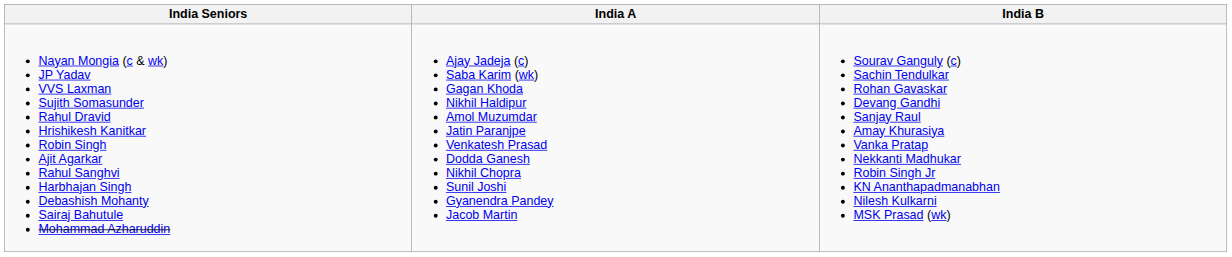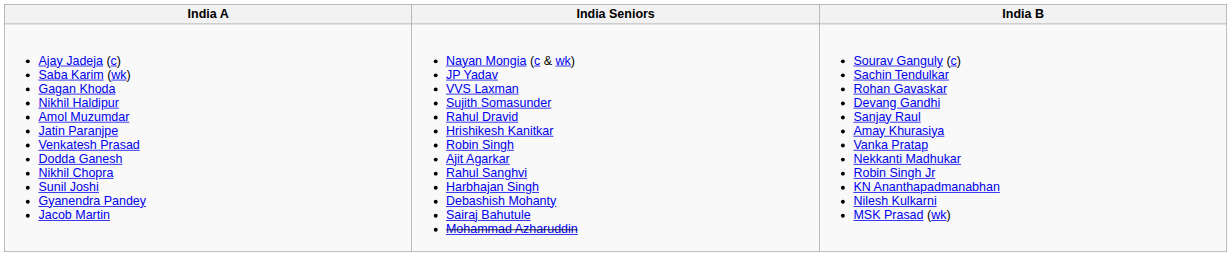 <table class="wikitable">
 <tr>
+<th style="width:15%;"> India A </th>
 <th style="width:15%;"> India Seniors </th>
-<th style="width:15%;"> India A </th>
 <th style="width:15%;"> India B </th>
 </tr>
 <tr style="vertical-align:top">
+<td><br><ul><li><a href='#'>Ajay Jadeja</a> (<a href='#'>c</a>)</li><li><a href='#'>Saba Karim</a> (<a href='#'>wk</a>)</li><li><a href='#'>Gagan Khoda</a></li><li><a href='#'>Nikhil Haldipur</a></li><li><a href='#'>Amol Muzumdar</a></li><li><a href='#'>Jatin Paranjpe</a></li><li><a href='#'>Venkatesh Prasad</a></li><li><a href='#'>Dodda Ganesh</a></li><li><a href='#'>Nikhil Chopra</a></li><li><a href='#'>Sunil Joshi</a></li><li><a href='#'>Gyanendra Pandey</a></li><li><a href='#'>Jacob Martin</a></li></ul></td>
 <td><br><ul><li><a href='#'>Nayan Mongia</a> (<a href='#'>c</a> & <a href='#'>wk</a>)</li><li><a href='#'>JP Yadav</a></li><li><a href='#'>VVS Laxman</a></li><li><a href='#'>Sujith Somasunder</a></li><li><a href='#'>Rahul Dravid</a></li><li><a href='#'>Hrishikesh Kanitkar</a></li><li><a href='#'>Robin Singh</a></li><li><a href='#'>Ajit Agarkar</a></li><li><a href='#'>Rahul Sanghvi</a></li><li><a href='#'>Harbhajan Singh</a></li><li><a href='#'>Debashish Mohanty</a></li><li><a href='#'>Sairaj Bahutule</a></li><li><s><a href='#'>Mohammad Azharuddin</a></s></li></ul></td>
-<td><br><ul><li><a href='#'>Ajay Jadeja</a> (<a href='#'>c</a>)</li><li><a href='#'>Saba Karim</a> (<a href='#'>wk</a>)</li><li><a href='#'>Gagan Khoda</a></li><li><a href='#'>Nikhil Haldipur</a></li><li><a href='#'>Amol Muzumdar</a></li><li><a href='#'>Jatin Paranjpe</a></li><li><a href='#'>Venkatesh Prasad</a></li><li><a href='#'>Dodda Ganesh</a></li><li><a href='#'>Nikhil Chopra</a></li><li><a href='#'>Sunil Joshi</a></li><li><a href='#'>Gyanendra Pandey</a></li><li><a href='#'>Jacob Martin</a></li></ul></td>
 <td><br><ul><li><a href='#'>Sourav Ganguly</a> (<a href='#'>c</a>)</li><li><a href='#'>Sachin Tendulkar</a></li><li><a href='#'>Rohan Gavaskar</a></li><li><a href='#'>Devang Gandhi</a></li><li><a href='#'>Sanjay Raul</a></li><li><a href='#'>Amay Khurasiya</a></li><li><a href='#'>Vanka Pratap</a></li><li><a href='#'>Nekkanti Madhukar</a></li><li><a href='#'>Robin Singh Jr</a></li><li><a href='#'>KN Ananthapadmanabhan</a></li><li><a href='#'>Nilesh Kulkarni</a></li><li><a href='#'>MSK Prasad</a> (<a href='#'>wk</a>)</li></ul></td>
 </tr>
 </table>
